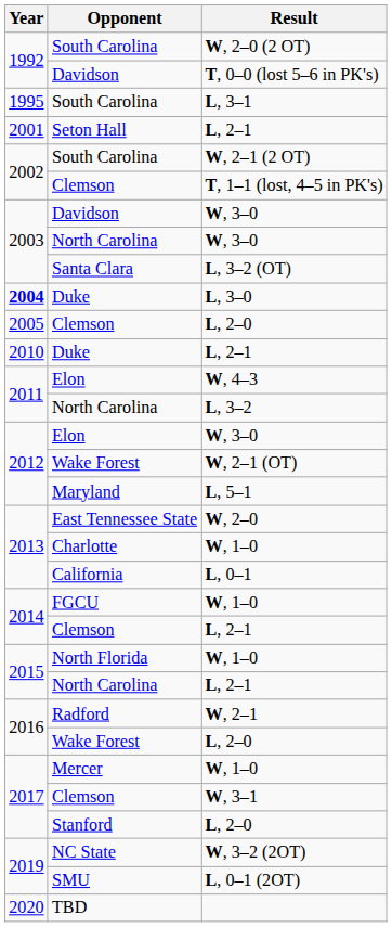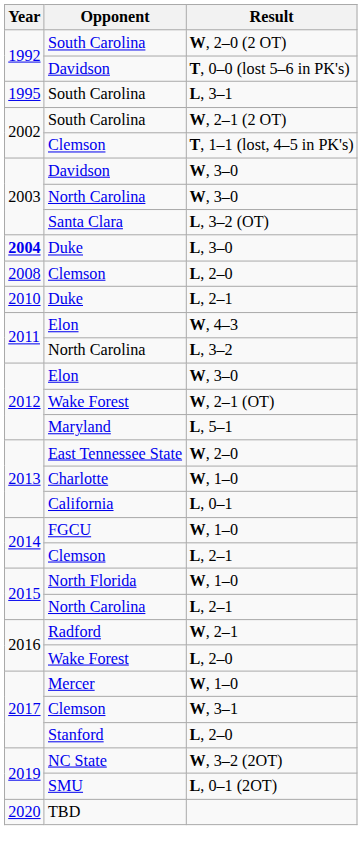 <table class="wikitable">
 <tr>
 <th width=px>Year</th>
 <th width=px>Opponent</th>
 <th width=px>Result</th>
 </tr>
 <tr>
 <td rowspan="2"><a href='#'>1992</a></td>
 <td><a href='#'>South Carolina</a></td>
 <td><strong>W</strong>, 2–0 (2 OT)</td>
 </tr>
 <tr>
 <td><a href='#'>Davidson</a></td>
 <td><strong>T</strong>, 0–0 (lost 5–6 in PK's)</td>
 </tr>
 <tr>
 <td><a href='#'>1995</a></td>
 <td>South Carolina</td>
 <td><strong>L</strong>, 3–1</td>
-</tr>
-<tr>
-<td><a href='#'>2001</a></td>
-<td><a href='#'>Seton Hall</a></td>
-<td><strong>L</strong>, 2–1</td>
 </tr>
 <tr>
 <td rowspan="2">2002</td>
 <td>South Carolina</td>
 <td><strong>W</strong>, 2–1 (2 OT)</td>
 </tr>
 <tr>
 <td><a href='#'>Clemson</a></td>
 <td><strong>T</strong>, 1–1 (lost, 4–5 in PK's)</td>
 </tr>
 <tr>
 <td rowspan="3">2003</td>
 <td><a href='#'>Davidson</a></td>
 <td><strong>W</strong>, 3–0</td>
 </tr>
 <tr>
 <td><a href='#'>North Carolina</a></td>
 <td><strong>W</strong>, 3–0</td>
 </tr>
 <tr>
 <td><a href='#'>Santa Clara</a></td>
 <td><strong>L</strong>, 3–2 (OT)</td>
 </tr>
 <tr>
 <td><strong><a href='#'>2004</a></strong></td>
 <td><a href='#'>Duke</a></td>
 <td><strong>L</strong>, 3–0</td>
 </tr>
 <tr>
-<td><a href='#'>2005</a></td>
+<td><a href='#'>2008</a></td>
 <td><a href='#'>Clemson</a></td>
 <td><strong>L</strong>, 2–0</td>
 </tr>
 <tr>
 <td><a href='#'>2010</a></td>
 <td><a href='#'>Duke</a></td>
 <td><strong>L</strong>, 2–1</td>
 </tr>
 <tr>
 <td rowspan="2"><a href='#'>2011</a></td>
 <td><a href='#'>Elon</a></td>
 <td><strong>W</strong>, 4–3</td>
 </tr>
 <tr>
 <td>North Carolina</td>
 <td><strong>L</strong>, 3–2</td>
 </tr>
 <tr>
 <td rowspan="3"><a href='#'>2012</a></td>
 <td><a href='#'>Elon</a></td>
 <td><strong>W</strong>, 3–0</td>
 </tr>
 <tr>
 <td><a href='#'>Wake Forest</a></td>
 <td><strong>W</strong>, 2–1 (OT)</td>
 </tr>
 <tr>
 <td><a href='#'>Maryland</a></td>
 <td><strong>L</strong>, 5–1</td>
 </tr>
 <tr>
 <td rowspan="3"><a href='#'>2013</a></td>
 <td><a href='#'>East Tennessee State</a></td>
 <td><strong>W</strong>, 2–0</td>
 </tr>
 <tr>
 <td><a href='#'>Charlotte</a></td>
 <td><strong>W</strong>, 1–0</td>
 </tr>
 <tr>
 <td><a href='#'>California</a></td>
 <td><strong>L</strong>, 0–1</td>
 </tr>
 <tr>
 <td rowspan="2"><a href='#'>2014</a></td>
 <td><a href='#'>FGCU</a></td>
 <td><strong>W</strong>, 1–0</td>
 </tr>
 <tr>
 <td><a href='#'>Clemson</a></td>
 <td><strong>L</strong>, 2–1</td>
 </tr>
 <tr>
 <td rowspan="2"><a href='#'>2015</a></td>
 <td><a href='#'>North Florida</a></td>
 <td><strong>W</strong>, 1–0</td>
 </tr>
 <tr>
 <td><a href='#'>North Carolina</a></td>
 <td><strong>L</strong>, 2–1</td>
 </tr>
 <tr>
 <td rowspan="2">2016</td>
 <td><a href='#'>Radford</a></td>
 <td><strong>W</strong>, 2–1</td>
 </tr>
 <tr>
 <td><a href='#'>Wake Forest</a></td>
 <td><strong>L</strong>, 2–0</td>
 </tr>
 <tr>
 <td rowspan="3"><a href='#'>2017</a></td>
 <td><a href='#'>Mercer</a></td>
 <td><strong>W</strong>, 1–0</td>
 </tr>
 <tr>
 <td><a href='#'>Clemson</a></td>
 <td><strong>W</strong>, 3–1</td>
 </tr>
 <tr>
 <td><a href='#'>Stanford</a></td>
 <td><strong>L</strong>, 2–0</td>
 </tr>
 <tr>
 <td rowspan="2"><a href='#'>2019</a></td>
 <td><a href='#'>NC State</a></td>
 <td><strong>W</strong>, 3–2 (2OT)</td>
 </tr>
 <tr>
 <td><a href='#'>SMU</a></td>
 <td><strong>L</strong>, 0–1 (2OT)</td>
 </tr>
 <tr>
 <td><a href='#'>2020</a></td>
 <td>TBD</td>
 <td></td>
 </tr>
 </table>
